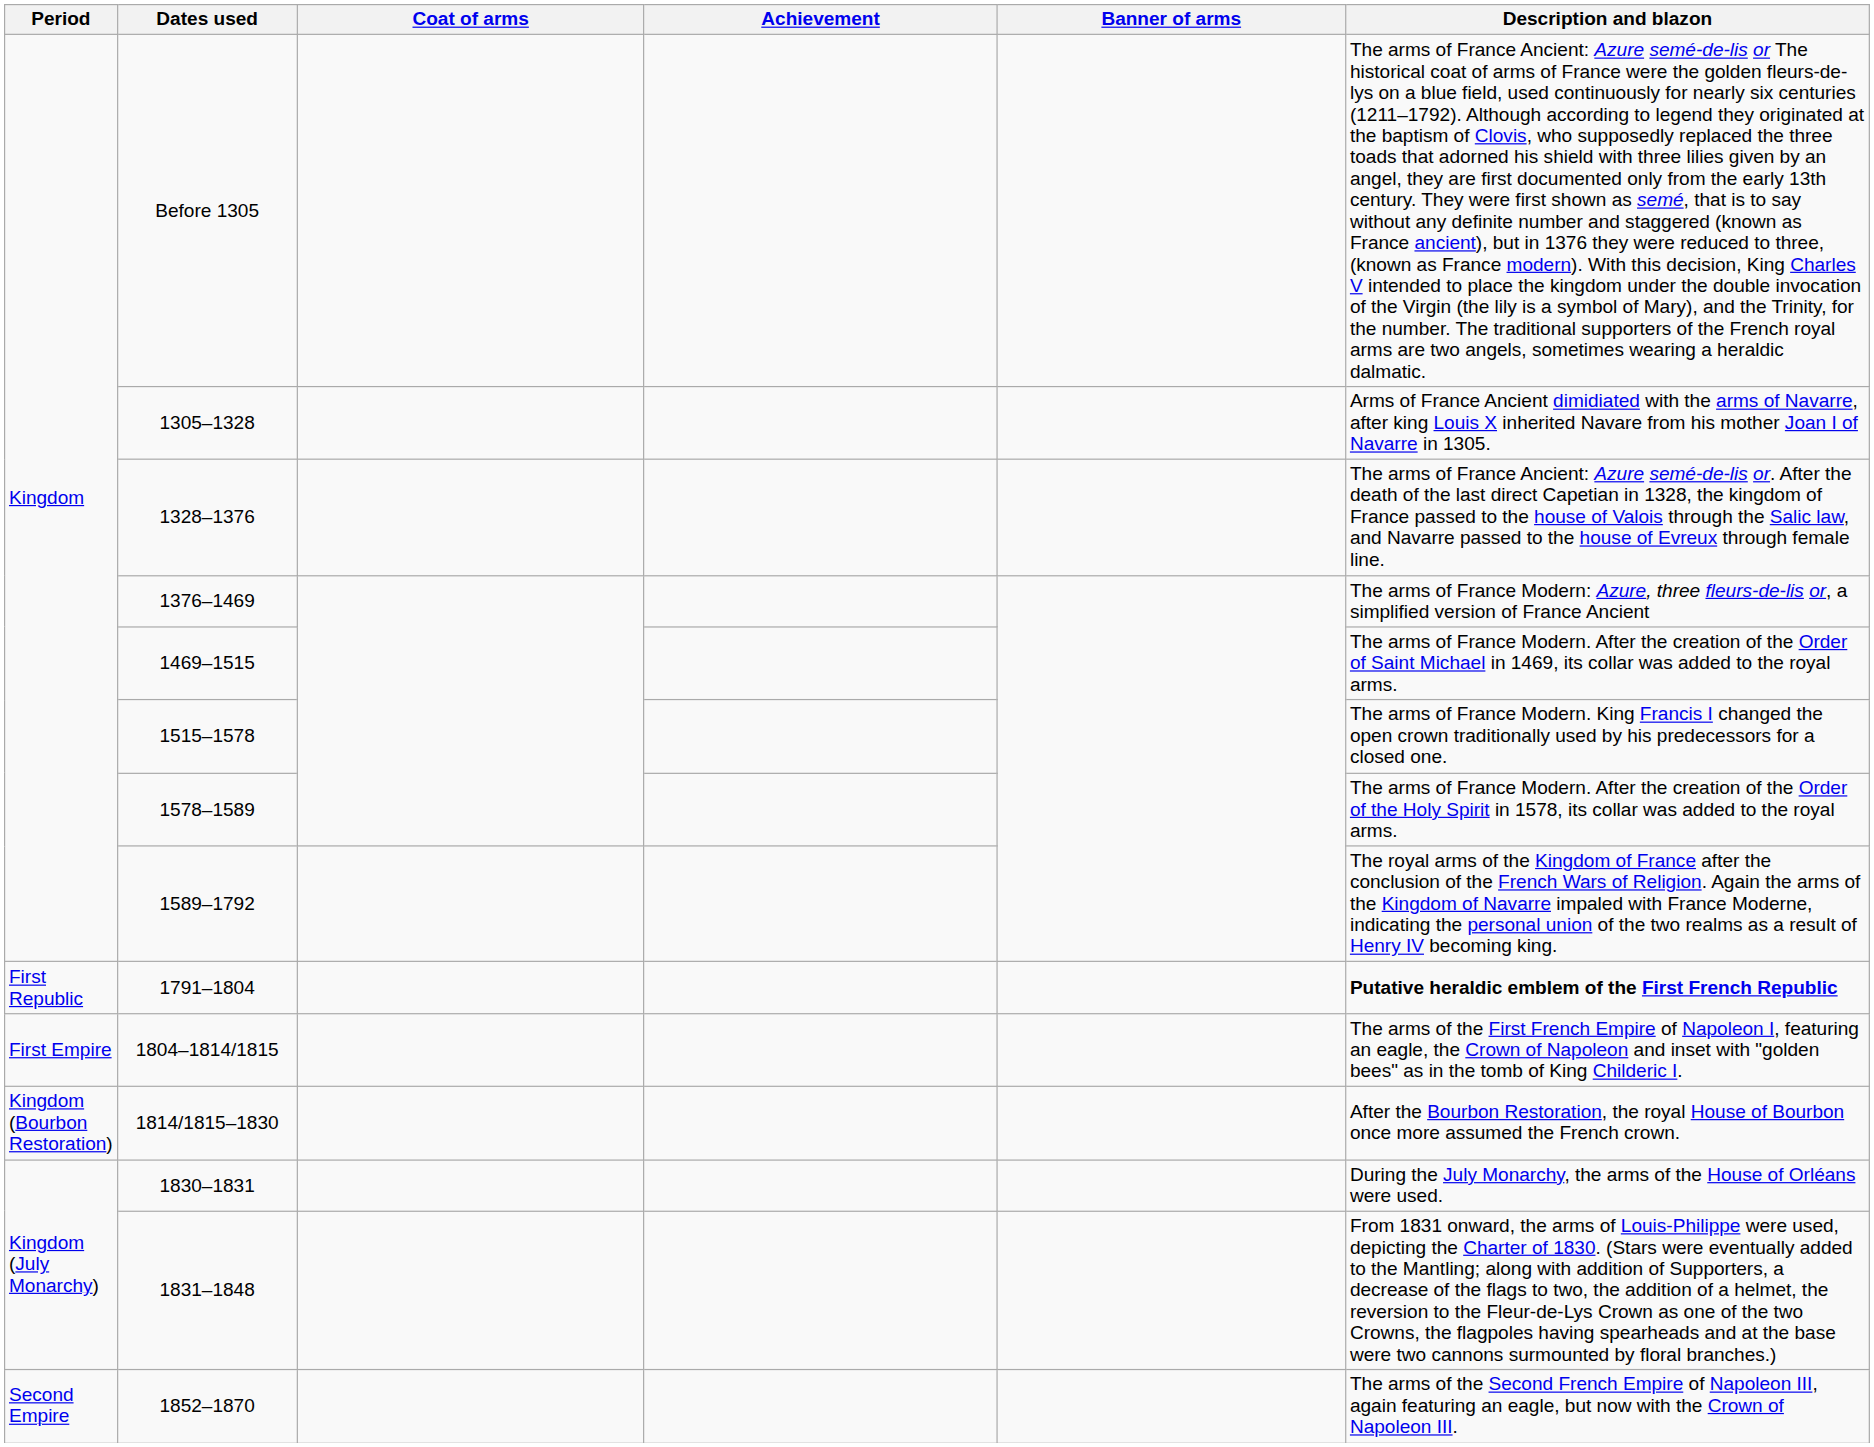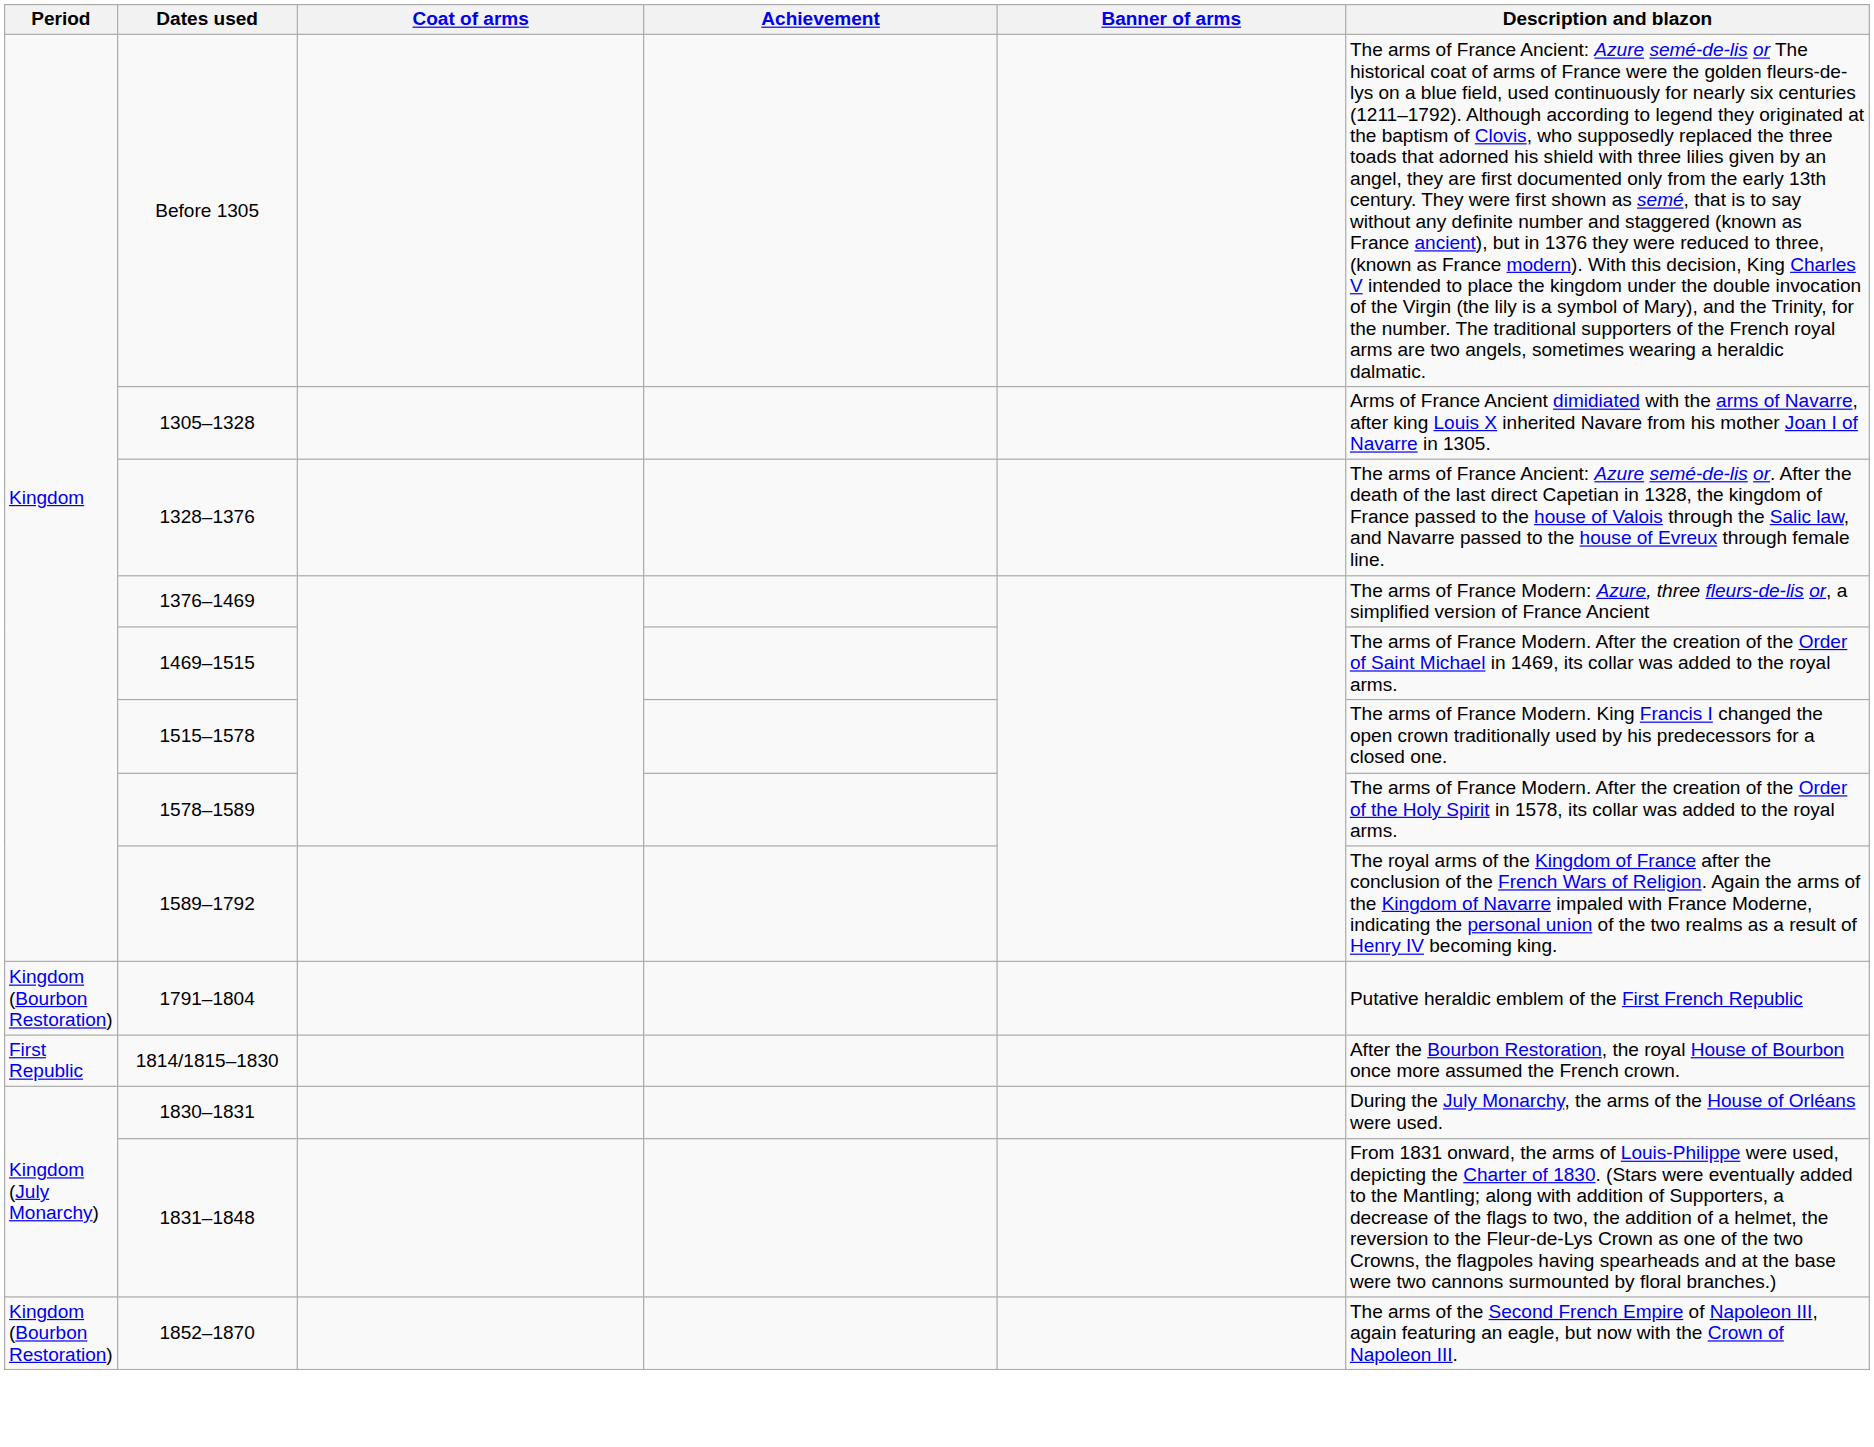 <table class= wikitable>
 <tr>
 <th>Period</th>
 <th width="10%">Dates used</th>
 <th width="20%"><a href='#'>Coat of arms</a></th>
 <th width="20%"><a href='#'>Achievement</a></th>
 <th width="20%"><a href='#'>Banner of arms</a></th>
 <th width="70%">Description and blazon</th>
 </tr>
 <tr>
 <td rowspan="8"><a href='#'>Kingdom</a></td>
 <td align="center">Before 1305</td>
 <td align="center"></td>
 <td align="center"></td>
 <td align="center"></td>
 <td>The arms of France Ancient: <em><a href='#'>Azure</a> <a href='#'>semé-de-lis</a>  <a href='#'>or</a></em>  The historical coat of arms of France were the golden fleurs-de-lys on a blue field, used continuously for nearly six centuries (1211–1792). Although according to legend they originated at the baptism of <a href='#'>Clovis</a>, who supposedly replaced the three toads that adorned his shield with three lilies given by an angel, they are first documented only from the early 13th century. They were first shown as <em><a href='#'>semé</a></em>, that is to say without any definite number and staggered (known as France <a href='#'>ancient</a>), but in 1376 they were reduced to three, (known as France <a href='#'>modern</a>). With this decision, King <a href='#'>Charles V</a> intended to place the kingdom under the double invocation of the Virgin (the lily is a symbol of Mary), and the Trinity, for the number. The traditional supporters of the French royal arms are two angels, sometimes wearing a heraldic dalmatic.</td>
 </tr>
 <tr>
 <td align="center">1305–1328</td>
 <td align="center"></td>
 <td align="center"></td>
 <td align="center"></td>
 <td>Arms of France Ancient <a href='#'>dimidiated</a> with the <a href='#'>arms of Navarre</a>, after king <a href='#'>Louis X</a> inherited Navare from his mother <a href='#'>Joan I of Navarre</a> in 1305.</td>
 </tr>
 <tr>
 <td align="center">1328–1376</td>
 <td align="center"></td>
 <td align="center"></td>
 <td align="center"></td>
 <td>The arms of France Ancient: <em><a href='#'>Azure</a> <a href='#'>semé-de-lis</a>  <a href='#'>or</a></em>. After the death of the last direct Capetian in 1328, the kingdom of France passed to the <a href='#'>house of Valois</a> through the <a href='#'>Salic law</a>, and Navarre passed to the <a href='#'>house of Evreux</a> through female line.</td>
 </tr>
 <tr>
 <td align="center">1376–1469</td>
 <td align="center" rowspan="4"></td>
 <td align="center"></td>
 <td align="center" rowspan="5"></td>
 <td>The arms of France Modern: <em><a href='#'>Azure</a>, three <a href='#'>fleurs-de-lis</a>  <a href='#'>or</a></em>, a simplified version of  France Ancient</td>
 </tr>
 <tr>
 <td align="center">1469–1515</td>
 <td align="center"></td>
 <td>The arms of France Modern. After the creation of the  <a href='#'>Order of Saint Michael</a> in 1469, its collar was added to the royal arms.</td>
 </tr>
 <tr>
 <td align="center">1515–1578</td>
 <td align="center"></td>
 <td>The arms of France Modern. King <a href='#'>Francis I</a> changed the open crown traditionally used by his predecessors for a closed one.</td>
 </tr>
 <tr>
 <td align="center">1578–1589</td>
 <td align="center"></td>
 <td>The arms of France Modern. After the creation of the  <a href='#'>Order of the Holy Spirit</a> in 1578, its collar was added to the royal arms.</td>
 </tr>
 <tr>
 <td align="center">1589–1792</td>
 <td align="center"></td>
 <td align="center"></td>
 <td>The royal arms of the <a href='#'>Kingdom of France</a> after the conclusion of the <a href='#'>French Wars of Religion</a>.  Again the arms of the <a href='#'>Kingdom of Navarre</a> impaled with  France Moderne, indicating the <a href='#'>personal union</a> of the two realms as a result of <a href='#'>Henry IV</a> becoming king.</td>
 </tr>
 <tr>
-<td><a href='#'>First Republic</a></td>
+<td><a href='#'>Kingdom</a> (<a href='#'>Bourbon Restoration</a>)</td>
 <td align="center">1791–1804</td>
 <td align="center"></td>
 <td align="center"></td>
 <td align="center"></td>
-<td><strong>Putative heraldic emblem of the <a href='#'>First French Republic</a></strong></td>
+<td>Putative heraldic emblem of the <a href='#'>First French Republic</a></td>
 </tr>
 <tr>
-<td><a href='#'>First Empire</a></td>
-<td align="center">1804–1814/1815</td>
-<td align="center"></td>
-<td align="center"></td>
-<td align="center"></td>
-<td>The arms of the <a href='#'>First French Empire</a> of <a href='#'>Napoleon I</a>, featuring an eagle, the <a href='#'>Crown of Napoleon</a> and inset with "golden bees" as in the tomb of King <a href='#'>Childeric I</a>.</td>
-</tr>
-<tr>
-<td><a href='#'>Kingdom</a> (<a href='#'>Bourbon Restoration</a>)</td>
+<td><a href='#'>First Republic</a></td>
 <td align="center">1814/1815–1830</td>
 <td align="center"></td>
 <td align="center"></td>
 <td align="center"></td>
 <td>After the <a href='#'>Bourbon Restoration</a>, the royal <a href='#'>House of Bourbon</a> once more assumed the French crown.</td>
 </tr>
 <tr>
 <td rowspan="2"><a href='#'>Kingdom</a> (<a href='#'>July Monarchy</a>)</td>
 <td align="center">1830–1831</td>
 <td align="center"></td>
 <td align="center"></td>
 <td align="center"></td>
 <td>During the <a href='#'>July Monarchy</a>, the arms of the <a href='#'>House of Orléans</a> were used.</td>
 </tr>
 <tr>
 <td align="center">1831–1848</td>
 <td align="center"></td>
 <td align="center"></td>
 <td align="center"></td>
 <td>From 1831 onward, the arms of <a href='#'>Louis-Philippe</a> were used, depicting the <a href='#'>Charter of 1830</a>. (Stars were eventually added to the Mantling; along with addition of Supporters, a decrease of the flags to two, the addition of a helmet, the reversion to the Fleur-de-Lys Crown as one of the two Crowns, the flagpoles having spearheads and at the base were two cannons surmounted by floral branches.)</td>
 </tr>
 <tr>
-<td><a href='#'>Second Empire</a></td>
+<td><a href='#'>Kingdom</a> (<a href='#'>Bourbon Restoration</a>)</td>
 <td align="center">1852–1870</td>
 <td align="center"></td>
 <td align="center"></td>
 <td align="center"></td>
 <td>The arms of the <a href='#'>Second French Empire</a> of <a href='#'>Napoleon III</a>, again featuring an eagle, but now with the <a href='#'>Crown of Napoleon III</a>.</td>
 </tr>
 </table>
